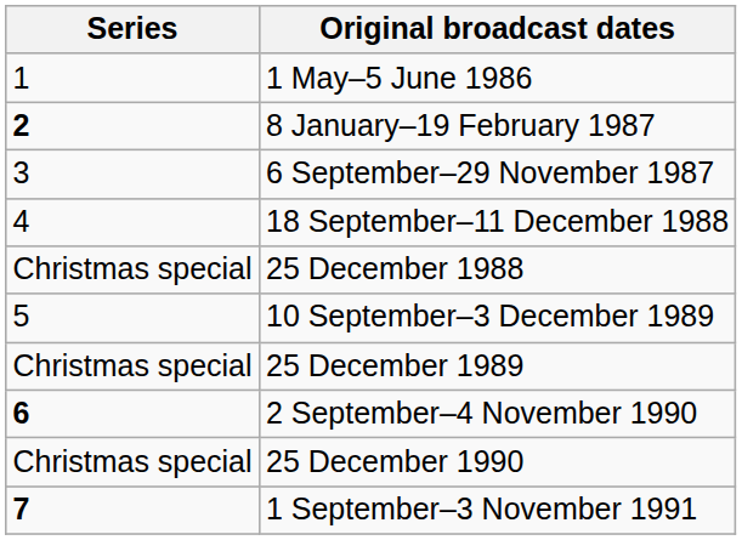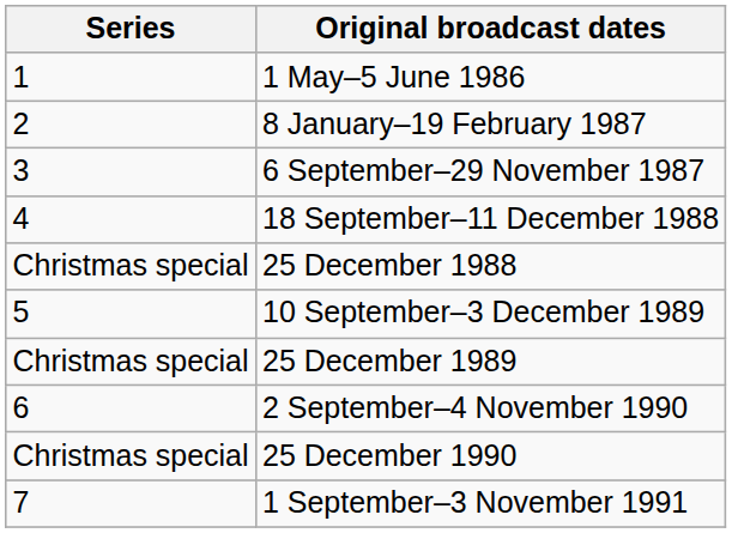 <table class="wikitable">
 <tr>
 <th>Series</th>
 <th>Original broadcast dates</th>
 </tr>
 <tr>
 <td>1</td>
 <td>1 May–5 June 1986</td>
 </tr>
 <tr>
-<td><strong>2</strong></td>
+<td>2</td>
 <td>8 January–19 February 1987</td>
 </tr>
 <tr>
 <td>3</td>
 <td>6 September–29 November 1987</td>
 </tr>
 <tr>
 <td>4</td>
 <td>18 September–11 December 1988</td>
 </tr>
 <tr>
 <td>Christmas special</td>
 <td>25 December 1988</td>
 </tr>
 <tr>
 <td>5</td>
 <td>10 September–3 December 1989</td>
 </tr>
 <tr>
 <td>Christmas special</td>
 <td>25 December 1989</td>
 </tr>
 <tr>
-<td><strong>6</strong></td>
+<td>6</td>
 <td>2 September–4 November 1990</td>
 </tr>
 <tr>
 <td>Christmas special</td>
 <td>25 December 1990</td>
 </tr>
 <tr>
-<td><strong>7</strong></td>
+<td>7</td>
 <td>1 September–3 November 1991</td>
 </tr>
 </table>
